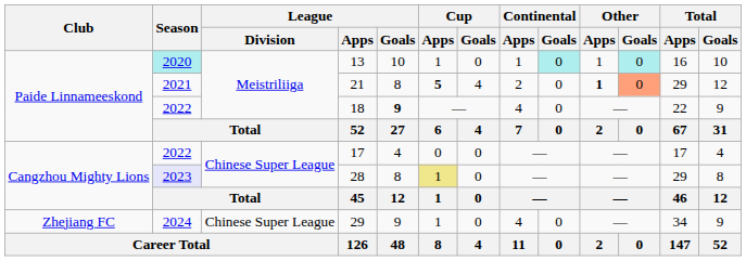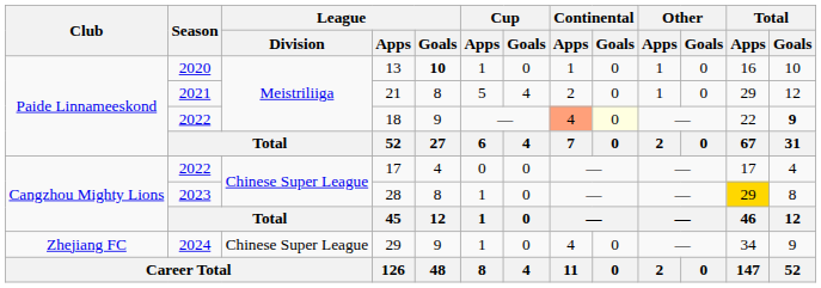 <table class="wikitable" style="text-align: center;">
 <tr>
 <th rowspan="2">Club</th>
 <th rowspan="2">Season</th>
 <th colspan="3">League</th>
 <th colspan="2">Cup</th>
 <th colspan="2">Continental</th>
 <th colspan="2">Other</th>
 <th colspan="2">Total</th>
 </tr>
 <tr>
 <th>Division</th>
 <th>Apps</th>
 <th>Goals</th>
 <th>Apps</th>
 <th>Goals</th>
 <th>Apps</th>
 <th>Goals</th>
 <th>Apps</th>
 <th>Goals</th>
 <th>Apps</th>
 <th>Goals</th>
 </tr>
 <tr>
 <td rowspan="4"><a href='#'>Paide Linnameeskond</a></td>
-<td style="background: paleturquoise;"><a href='#'>2020</a></td>
+<td><a href='#'>2020</a></td>
 <td rowspan="3"><a href='#'>Meistriliiga</a></td>
 <td>13</td>
-<td>10</td>
+<td><strong>10</strong></td>
 <td>1</td>
 <td>0</td>
 <td>1</td>
-<td style="background: paleturquoise;">0</td>
+<td>0</td>
 <td>1</td>
-<td style="background: paleturquoise;">0</td>
+<td>0</td>
 <td>16</td>
 <td>10</td>
 </tr>
 <tr>
 <td><a href='#'>2021</a></td>
 <td>21</td>
 <td>8</td>
-<td><strong>5</strong></td>
+<td>5</td>
 <td>4</td>
 <td>2</td>
 <td>0</td>
-<td><strong>1</strong></td>
-<td style="background: lightsalmon;">0</td>
+<td>1</td>
+<td>0</td>
 <td>29</td>
 <td>12</td>
 </tr>
 <tr>
 <td><a href='#'>2022</a></td>
 <td>18</td>
-<td><strong>9</strong></td>
+<td>9</td>
 <td colspan="2">—</td>
-<td>4</td>
-<td>0</td>
+<td style="background: lightsalmon;">4</td>
+<td style="background: lightyellow;">0</td>
 <td colspan="2">—</td>
 <td>22</td>
-<td>9</td>
+<td><strong>9</strong></td>
 </tr>
 <tr>
 <th colspan="2">Total</th>
 <th>52</th>
 <th>27</th>
 <th>6</th>
 <th>4</th>
 <th>7</th>
 <th>0</th>
 <th>2</th>
 <th>0</th>
 <th>67</th>
 <th>31</th>
 </tr>
 <tr>
 <td rowspan="3"><a href='#'>Cangzhou Mighty Lions</a></td>
 <td><a href='#'>2022</a></td>
 <td rowspan="2"><a href='#'>Chinese Super League</a></td>
 <td>17</td>
 <td>4</td>
 <td>0</td>
 <td>0</td>
 <td colspan="2">—</td>
 <td colspan="2">—</td>
 <td>17</td>
 <td>4</td>
 </tr>
 <tr>
-<td style="background: lavender;"><a href='#'>2023</a></td>
+<td><a href='#'>2023</a></td>
 <td>28</td>
 <td>8</td>
-<td style="background: khaki;">1</td>
+<td>1</td>
 <td>0</td>
 <td colspan="2">—</td>
 <td colspan="2">—</td>
-<td>29</td>
+<td style="background: gold;">29</td>
 <td>8</td>
 </tr>
 <tr>
 <th colspan="2">Total</th>
 <th>45</th>
 <th>12</th>
 <th>1</th>
 <th>0</th>
 <th colspan="2">—</th>
 <th colspan="2">—</th>
 <th>46</th>
 <th>12</th>
 </tr>
 <tr>
 <td><a href='#'>Zhejiang FC</a></td>
 <td><a href='#'>2024</a></td>
 <td>Chinese Super League</td>
 <td>29</td>
 <td>9</td>
 <td>1</td>
 <td>0</td>
 <td>4</td>
 <td>0</td>
 <td colspan="2">—</td>
 <td>34</td>
 <td>9</td>
 </tr>
 <tr>
 <th colspan="3">Career Total</th>
 <th>126</th>
 <th>48</th>
 <th>8</th>
 <th>4</th>
 <th>11</th>
 <th>0</th>
 <th>2</th>
 <th>0</th>
 <th>147</th>
 <th>52</th>
 </tr>
 </table>
